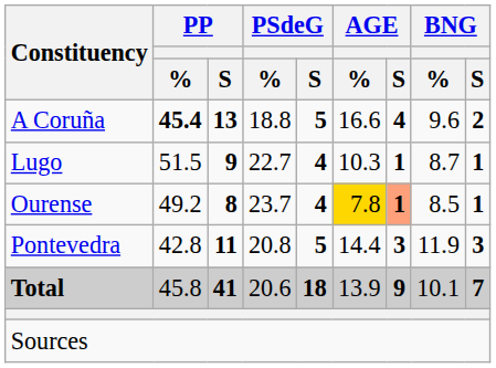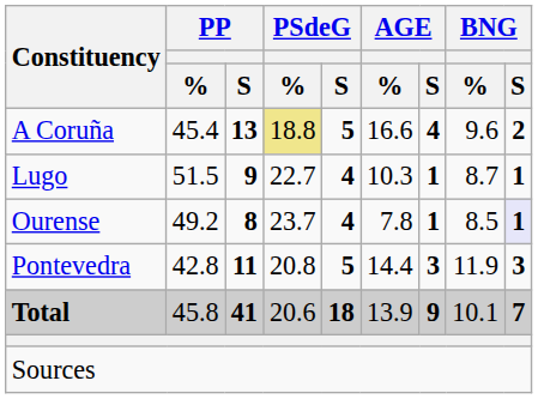 <table class="wikitable sortable" style="text-align:right; line-height:20px;">
 <tr>
 <th rowspan="3">Constituency</th>
 <th colspan="2" width="30px" class="unsortable"><a href='#'>PP</a></th>
 <th colspan="2" width="30px" class="unsortable"><a href='#'>PSdeG</a></th>
 <th colspan="2" width="30px" class="unsortable"><a href='#'>AGE</a></th>
 <th colspan="2" width="30px" class="unsortable"><a href='#'>BNG</a></th>
 </tr>
 <tr>
 <th colspan="2" style="background:"></th>
 <th colspan="2" style="background:"></th>
 <th colspan="2" style="background:"></th>
 <th colspan="2" style="background:"></th>
 </tr>
 <tr>
 <th data-sort-type="number">%</th>
 <th data-sort-type="number">S</th>
 <th data-sort-type="number">%</th>
 <th data-sort-type="number">S</th>
 <th data-sort-type="number">%</th>
 <th data-sort-type="number">S</th>
 <th data-sort-type="number">%</th>
 <th data-sort-type="number">S</th>
 </tr>
 <tr>
 <td align="left"><a href='#'>A Coruña</a></td>
-<td style="background:"><strong>45.4</strong></td>
+<td style="background:">45.4</td>
 <td><strong>13</strong></td>
-<td>18.8</td>
+<td style="background: khaki;">18.8</td>
 <td><strong>5</strong></td>
 <td>16.6</td>
 <td><strong>4</strong></td>
 <td>9.6</td>
 <td><strong>2</strong></td>
 </tr>
 <tr>
 <td align="left"><a href='#'>Lugo</a></td>
 <td style="background:">51.5</td>
 <td><strong>9</strong></td>
 <td>22.7</td>
 <td><strong>4</strong></td>
 <td>10.3</td>
 <td><strong>1</strong></td>
 <td>8.7</td>
 <td><strong>1</strong></td>
 </tr>
 <tr>
 <td align="left"><a href='#'>Ourense</a></td>
 <td style="background:">49.2</td>
 <td><strong>8</strong></td>
 <td>23.7</td>
 <td><strong>4</strong></td>
-<td style="background: gold;">7.8</td>
-<td style="background: lightsalmon;"><strong>1</strong></td>
+<td>7.8</td>
+<td><strong>1</strong></td>
 <td>8.5</td>
-<td><strong>1</strong></td>
+<td style="background: lavender;"><strong>1</strong></td>
 </tr>
 <tr>
 <td align="left"><a href='#'>Pontevedra</a></td>
 <td style="background:">42.8</td>
 <td><strong>11</strong></td>
 <td>20.8</td>
 <td><strong>5</strong></td>
 <td>14.4</td>
 <td><strong>3</strong></td>
 <td>11.9</td>
 <td><strong>3</strong></td>
 </tr>
 <tr style="background:#CDCDCD;">
 <td align="left"><strong>Total</strong></td>
 <td style="background:">45.8</td>
 <td><strong>41</strong></td>
 <td>20.6</td>
 <td><strong>18</strong></td>
 <td>13.9</td>
 <td><strong>9</strong></td>
 <td>10.1</td>
 <td><strong>7</strong></td>
 </tr>
 <tr>
 <th colspan="9"></th>
 </tr>
 <tr>
 <th style="text-align:left; font-weight:normal; background:#F9F9F9" colspan="9">Sources</th>
 </tr>
 </table>
